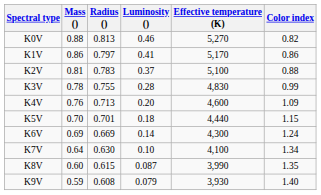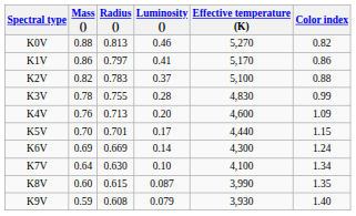 <table class="wikitable floatright" style="text-align:center; font-size:smaller;">
 <tr>
 <th><a href='#'>Spectral type</a></th>
 <th><a href='#'>Mass</a><br>()</th>
 <th><a href='#'>Radius</a><br>()</th>
 <th><a href='#'>Luminosity</a><br>()</th>
 <th><a href='#'>Effective temperature</a><br>(K)</th>
 <th><a href='#'>Color index</a><br></th>
 </tr>
 <tr>
 <td>K0V</td>
 <td>0.88</td>
 <td>0.813</td>
 <td>0.46</td>
 <td style="background-color:#">5,270</td>
 <td>0.82</td>
 </tr>
 <tr>
 <td>K1V</td>
 <td>0.86</td>
 <td>0.797</td>
 <td>0.41</td>
 <td style="background-color:#">5,170</td>
 <td>0.86</td>
 </tr>
 <tr>
 <td>K2V</td>
-<td>0.81</td>
+<td>0.82</td>
 <td>0.783</td>
 <td>0.37</td>
 <td style="background-color:#">5,100</td>
 <td>0.88</td>
 </tr>
 <tr>
 <td>K3V</td>
 <td>0.78</td>
 <td>0.755</td>
 <td>0.28</td>
 <td style="background-color:#">4,830</td>
 <td>0.99</td>
 </tr>
 <tr>
 <td>K4V</td>
 <td>0.76</td>
 <td>0.713</td>
 <td>0.20</td>
 <td style="background-color:#">4,600</td>
 <td>1.09</td>
 </tr>
 <tr>
 <td>K5V</td>
 <td>0.70</td>
 <td>0.701</td>
-<td>0.18</td>
+<td>0.17</td>
 <td style="background-color:#">4,440</td>
 <td>1.15</td>
 </tr>
 <tr>
 <td>K6V</td>
 <td>0.69</td>
 <td>0.669</td>
 <td>0.14</td>
 <td style="background-color:#">4,300</td>
 <td>1.24</td>
 </tr>
 <tr>
 <td>K7V</td>
 <td>0.64</td>
 <td>0.630</td>
 <td>0.10</td>
 <td style="background-color:#">4,100</td>
 <td>1.34</td>
 </tr>
 <tr>
 <td>K8V</td>
 <td>0.60</td>
 <td>0.615</td>
 <td>0.087</td>
 <td style="background-color:#">3,990</td>
 <td>1.35</td>
 </tr>
 <tr>
 <td>K9V</td>
 <td>0.59</td>
 <td>0.608</td>
 <td>0.079</td>
 <td style="background-color:#">3,930</td>
 <td>1.40</td>
 </tr>
 </table>
